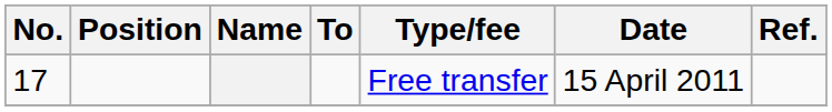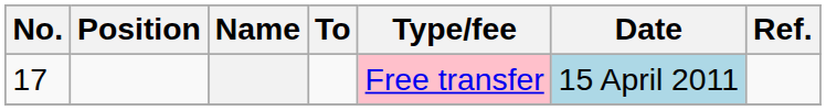 <table class="wikitable plainrowheaders sortable" style="text-align:center; text-align:left">
 <tr>
 <th>No.</th>
 <th>Position</th>
 <th>Name</th>
 <th>To</th>
 <th>Type/fee</th>
 <th>Date</th>
 <th>Ref.</th>
 </tr>
 <tr>
 <td>17</td>
 <td></td>
 <th scope="row"></th>
 <td></td>
-<td><a href='#'>Free transfer</a></td>
-<td>15 April 2011</td>
+<td style="background: pink;"><a href='#'>Free transfer</a></td>
+<td style="background: lightblue;">15 April 2011</td>
 <td></td>
 </tr>
 <tr>
 </tr>
 </table>
